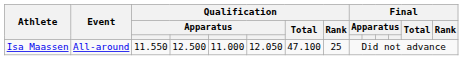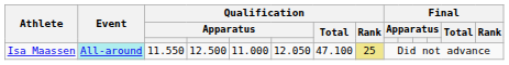 <table class="wikitable" style="font-size:90%">
 <tr>
 <th rowspan=3>Athlete</th>
 <th rowspan=3>Event</th>
 <th colspan =6>Qualification</th>
 <th colspan =6>Final</th>
 </tr>
 <tr style="font-size:95%">
 <th colspan=4>Apparatus</th>
 <th rowspan=2>Total</th>
 <th rowspan=2>Rank</th>
 <th colspan=4>Apparatus</th>
 <th rowspan=2>Total</th>
 <th rowspan=2>Rank</th>
 </tr>
 <tr style="font-size:95%">
 <th></th>
 <th></th>
 <th></th>
 <th></th>
 <th></th>
 <th></th>
 <th></th>
 <th></th>
 </tr>
 <tr align=center>
 <td align=left><a href='#'>Isa Maassen</a></td>
-<td align=left><a href='#'>All-around</a></td>
+<td align=left style="background: paleturquoise;"><a href='#'>All-around</a></td>
 <td>11.550</td>
 <td>12.500</td>
 <td>11.000</td>
 <td>12.050</td>
 <td>47.100</td>
-<td>25</td>
+<td style="background: khaki;">25</td>
 <td colspan=6>Did not advance</td>
 </tr>
 </table>
